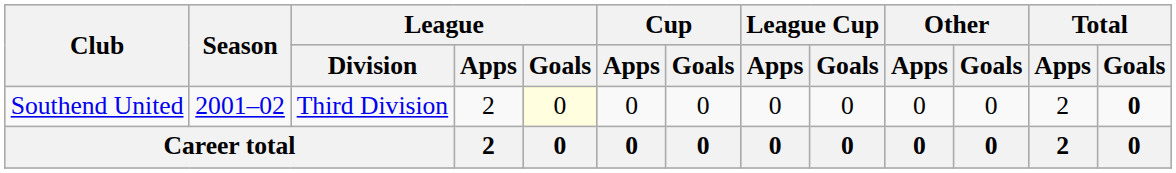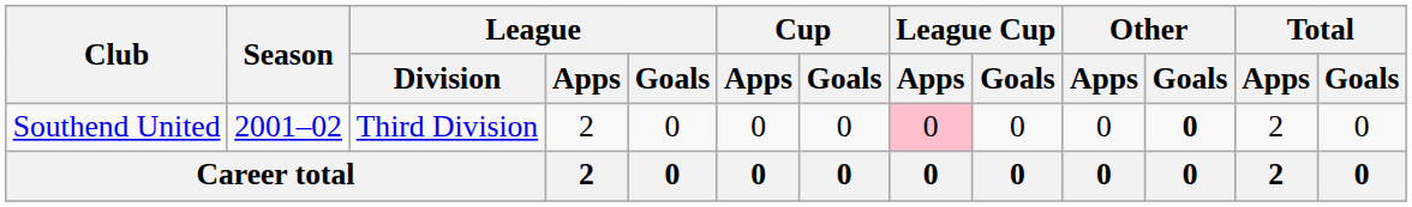 <table class="wikitable" style="text-align:center;">
 <tr>
 <th rowspan="2">Club</th>
 <th rowspan="2">Season</th>
 <th colspan="3">League</th>
 <th colspan="2">Cup</th>
 <th colspan="2">League Cup</th>
 <th colspan="2">Other</th>
 <th colspan="2">Total</th>
 </tr>
 <tr>
 <th>Division</th>
 <th>Apps</th>
 <th>Goals</th>
 <th>Apps</th>
 <th>Goals</th>
 <th>Apps</th>
 <th>Goals</th>
 <th>Apps</th>
 <th>Goals</th>
 <th>Apps</th>
 <th>Goals</th>
 </tr>
 <tr>
 <td><a href='#'>Southend United</a></td>
 <td><a href='#'>2001–02</a></td>
 <td><a href='#'>Third Division</a></td>
 <td>2</td>
-<td style="background: lightyellow;">0</td>
 <td>0</td>
 <td>0</td>
 <td>0</td>
+<td style="background: pink;">0</td>
 <td>0</td>
 <td>0</td>
+<td><strong>0</strong></td>
+<td>2</td>
 <td>0</td>
-<td>2</td>
-<td><strong>0</strong></td>
 </tr>
 <tr>
 <th colspan="3">Career total</th>
 <th>2</th>
 <th>0</th>
 <th>0</th>
 <th>0</th>
 <th>0</th>
 <th>0</th>
 <th>0</th>
 <th>0</th>
 <th>2</th>
 <th>0</th>
 </tr>
 </table>
